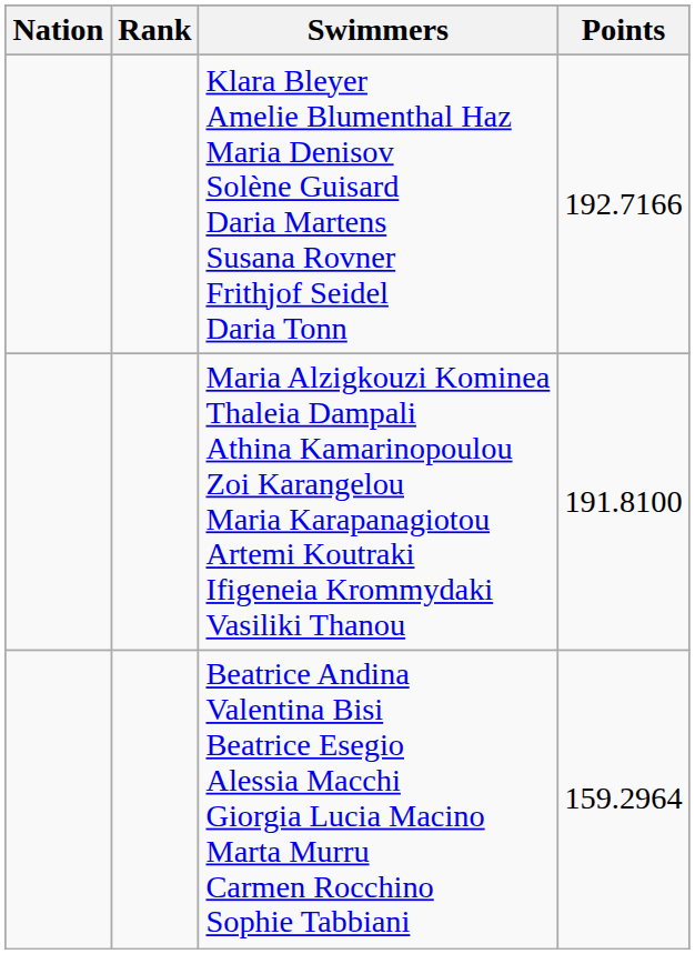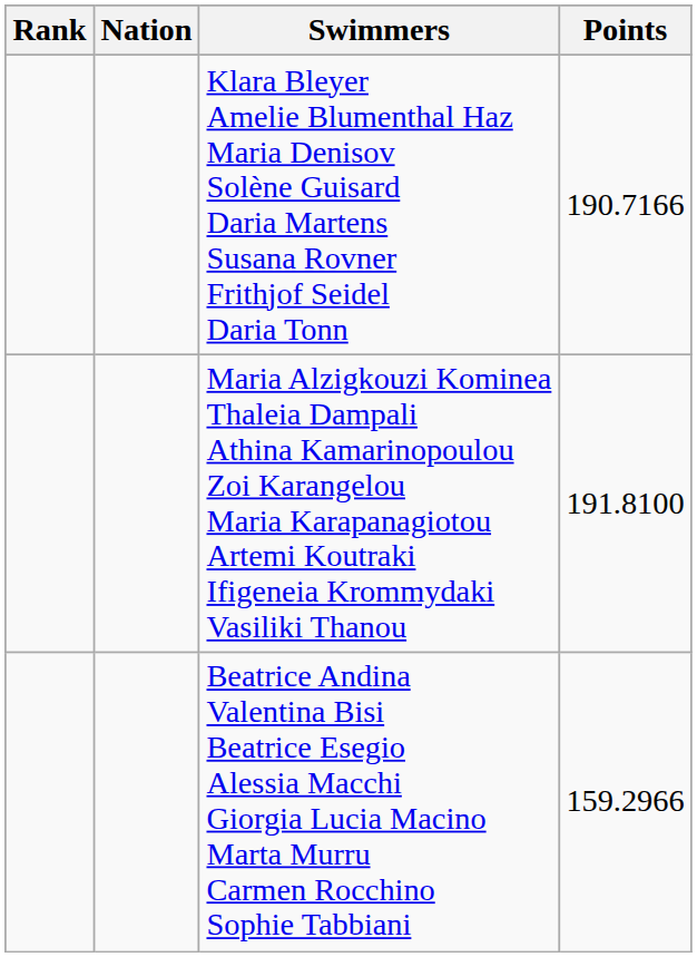 <table class="wikitable sortable" style="text-align:center">
 <tr>
+<th>Rank</th>
 <th>Nation</th>
-<th>Rank</th>
 <th class=unsortable>Swimmers</th>
 <th>Points</th>
 </tr>
 <tr>
+<td></td>
 <td align=left></td>
-<td></td>
 <td align=left><a href='#'>Klara Bleyer</a><br><a href='#'>Amelie Blumenthal Haz</a><br><a href='#'>Maria Denisov</a><br><a href='#'>Solène Guisard</a><br><a href='#'>Daria Martens</a><br><a href='#'>Susana Rovner</a><br><a href='#'>Frithjof Seidel</a><br><a href='#'>Daria Tonn</a></td>
-<td>192.7166</td>
+<td>190.7166</td>
 </tr>
 <tr>
+<td></td>
 <td align=left></td>
-<td></td>
 <td align=left><a href='#'>Maria Alzigkouzi Kominea</a><br><a href='#'>Thaleia Dampali</a><br><a href='#'>Athina Kamarinopoulou</a><br><a href='#'>Zoi Karangelou</a><br><a href='#'>Maria Karapanagiotou</a><br><a href='#'>Artemi Koutraki</a><br><a href='#'>Ifigeneia Krommydaki</a><br><a href='#'>Vasiliki Thanou</a></td>
 <td>191.8100</td>
 </tr>
 <tr>
+<td></td>
 <td align=left></td>
-<td></td>
 <td align=left><a href='#'>Beatrice Andina</a><br><a href='#'>Valentina Bisi</a><br><a href='#'>Beatrice Esegio</a><br><a href='#'>Alessia Macchi</a><br><a href='#'>Giorgia Lucia Macino</a><br><a href='#'>Marta Murru</a><br><a href='#'>Carmen Rocchino</a><br><a href='#'>Sophie Tabbiani</a></td>
-<td>159.2964</td>
+<td>159.2966</td>
 </tr>
 </table>
